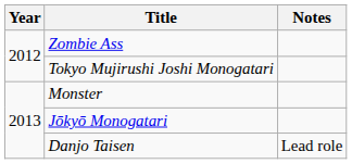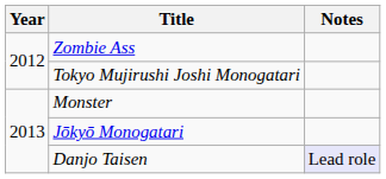 <table class="wikitable">
 <tr>
 <th>Year</th>
 <th>Title</th>
 <th>Notes</th>
 </tr>
 <tr>
 <td rowspan="2">2012</td>
 <td><em><a href='#'>Zombie Ass</a></em></td>
 <td></td>
 </tr>
 <tr>
 <td><em>Tokyo Mujirushi Joshi Monogatari</em></td>
 <td></td>
 </tr>
 <tr>
 <td rowspan="3">2013</td>
 <td><em>Monster</em></td>
 <td></td>
 </tr>
 <tr>
 <td><em><a href='#'>Jōkyō Monogatari</a></em></td>
 <td></td>
 </tr>
 <tr>
 <td><em>Danjo Taisen</em></td>
-<td>Lead role</td>
+<td style="background: lavender;">Lead role</td>
 </tr>
 </table>
